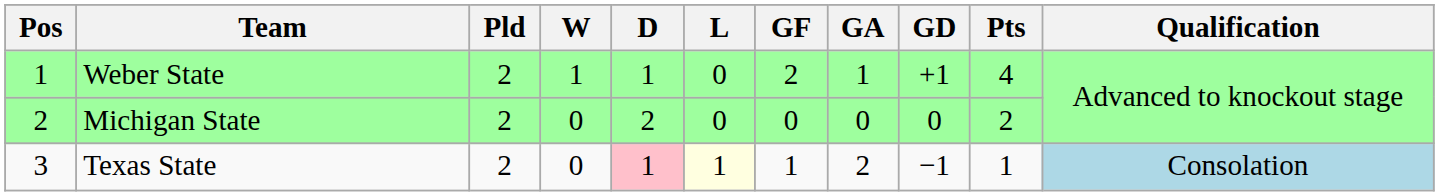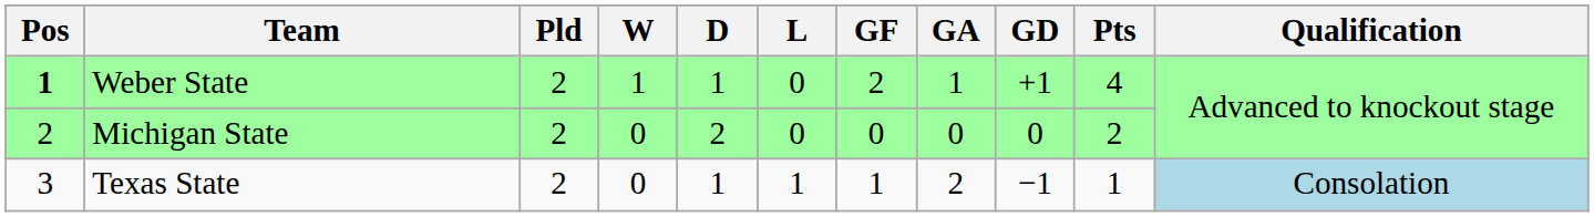 <table class="wikitable" style="text-align:center; margin: 1em auto">
 <tr>
 <th style="width:2em">Pos</th>
 <th style="width:13em">Team</th>
 <th style="width:2em">Pld</th>
 <th style="width:2em">W</th>
 <th style="width:2em">D</th>
 <th style="width:2em">L</th>
 <th style="width:2em">GF</th>
 <th style="width:2em">GA</th>
 <th style="width:2em">GD</th>
 <th style="width:2em">Pts</th>
 <th style="width:13em">Qualification</th>
 </tr>
 <tr bgcolor="#9eff9e">
-<td>1</td>
+<td><strong>1</strong></td>
 <td style="text-align:left">Weber State</td>
 <td>2</td>
 <td>1</td>
 <td>1</td>
 <td>0</td>
 <td>2</td>
 <td>1</td>
 <td>+1</td>
 <td>4</td>
 <td rowspan="2">Advanced to knockout stage</td>
 </tr>
 <tr bgcolor="#9eff9e">
 <td>2</td>
 <td style="text-align:left">Michigan State</td>
 <td>2</td>
 <td>0</td>
 <td>2</td>
 <td>0</td>
 <td>0</td>
 <td>0</td>
 <td>0</td>
 <td>2</td>
 </tr>
 <tr>
 <td>3</td>
 <td style="text-align:left">Texas State</td>
 <td>2</td>
 <td>0</td>
-<td style="background: pink;">1</td>
-<td style="background: lightyellow;">1</td>
+<td>1</td>
+<td>1</td>
 <td>1</td>
 <td>2</td>
 <td>−1</td>
 <td>1</td>
 <td style="background: lightblue;">Consolation</td>
 </tr>
 </table>
